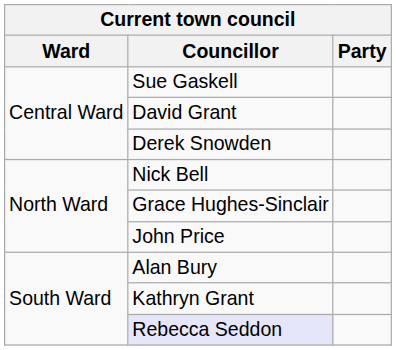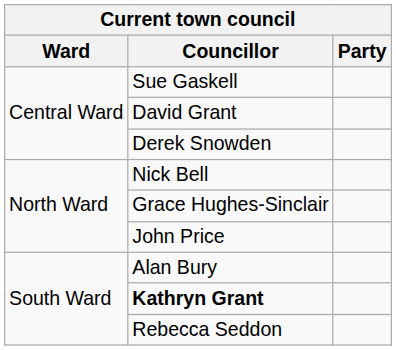 <table class="wikitable">
 <tr>
 <th colspan="4">Current town council</th>
 </tr>
 <tr>
 <th>Ward</th>
 <th>Councillor</th>
 <th colspan="2">Party</th>
 </tr>
 <tr>
 <td rowspan="3">Central Ward</td>
 <td>Sue Gaskell</td>
 <td></td>
 </tr>
 <tr>
 <td>David Grant</td>
 <td></td>
 </tr>
 <tr>
 <td>Derek Snowden</td>
 <td></td>
 </tr>
 <tr>
 <td rowspan="3">North Ward</td>
 <td>Nick Bell</td>
 <td></td>
 </tr>
 <tr>
 <td>Grace Hughes-Sinclair</td>
 <td></td>
 </tr>
 <tr>
 <td>John Price</td>
 <td></td>
 </tr>
 <tr>
 <td rowspan="3">South Ward</td>
 <td>Alan Bury</td>
 <td></td>
 </tr>
 <tr>
-<td>Kathryn Grant</td>
+<td><strong>Kathryn Grant</strong></td>
 <td></td>
 </tr>
 <tr>
-<td style="background: lavender;">Rebecca Seddon</td>
+<td>Rebecca Seddon</td>
 <td></td>
 </tr>
 </table>
